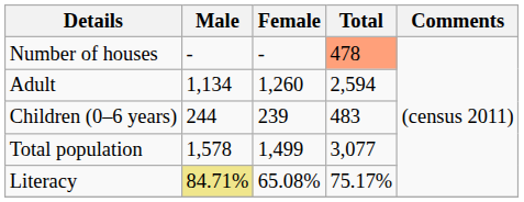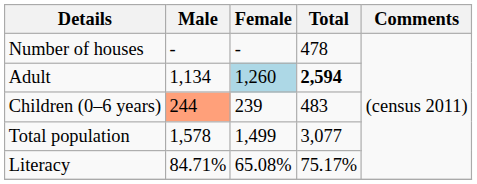 <table class="wikitable sortable">
 <tr>
 <th>Details</th>
 <th>Male</th>
 <th>Female</th>
 <th>Total</th>
 <th>Comments</th>
 </tr>
 <tr>
 <td>Number of houses</td>
 <td>-</td>
 <td>-</td>
-<td style="background: lightsalmon;">478</td>
+<td>478</td>
 <td rowspan="5">(census 2011) </td>
 </tr>
 <tr>
 <td>Adult</td>
 <td>1,134</td>
-<td>1,260</td>
-<td>2,594</td>
+<td style="background: lightblue;">1,260</td>
+<td><strong>2,594</strong></td>
 </tr>
 <tr>
 <td>Children (0–6 years)</td>
-<td>244</td>
+<td style="background: lightsalmon;">244</td>
 <td>239</td>
 <td>483</td>
 </tr>
 <tr>
 <td>Total population</td>
 <td>1,578</td>
 <td>1,499</td>
 <td>3,077</td>
 </tr>
 <tr>
 <td>Literacy</td>
-<td style="background: khaki;">84.71%</td>
+<td>84.71%</td>
 <td>65.08%</td>
 <td>75.17%</td>
 </tr>
 <tr>
 </tr>
 </table>
